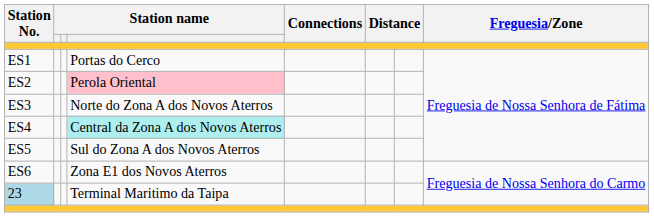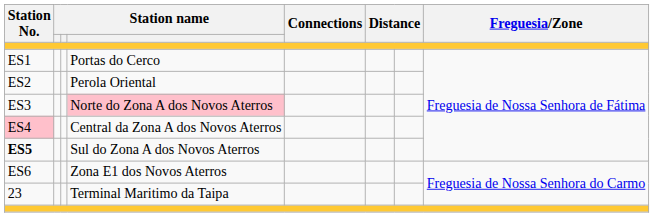 <table class="wikitable">
 <tr>
 <th rowspan="2">Station<br>No.</th>
 <th colspan="3">Station name</th>
 <th rowspan="2">Connections</th>
 <th colspan="2" rowspan="2">Distance<br></th>
 <th rowspan="2"><a href='#'>Freguesia</a>/Zone</th>
 </tr>
 <tr>
 <th></th>
 <th></th>
 <th></th>
 </tr>
 <tr style = "background:#ffc933; height: 2pt">
 <td colspan="8"></td>
 </tr>
 <tr>
 <td>ES1</td>
 <td></td>
 <td></td>
 <td>Portas do Cerco</td>
 <td></td>
 <td></td>
 <td></td>
 <td rowspan="5"><a href='#'>Freguesia de Nossa Senhora de Fátima</a></td>
 </tr>
 <tr>
 <td>ES2</td>
 <td></td>
 <td></td>
-<td style="background: pink;">Perola Oriental</td>
+<td>Perola Oriental</td>
 <td></td>
 <td></td>
 <td></td>
 </tr>
 <tr>
 <td>ES3</td>
 <td></td>
 <td></td>
-<td>Norte do Zona A dos Novos Aterros</td>
+<td style="background: pink;">Norte do Zona A dos Novos Aterros</td>
 <td></td>
 <td></td>
 <td></td>
 </tr>
 <tr>
-<td>ES4</td>
+<td style="background: pink;">ES4</td>
 <td></td>
 <td></td>
-<td style="background: paleturquoise;">Central da Zona A dos Novos Aterros</td>
+<td>Central da Zona A dos Novos Aterros</td>
 <td></td>
 <td></td>
 <td></td>
 </tr>
 <tr>
-<td>ES5</td>
+<td><strong>ES5</strong></td>
 <td></td>
 <td></td>
 <td>Sul do Zona A dos Novos Aterros</td>
 <td></td>
 <td></td>
 <td></td>
 </tr>
 <tr>
 <td>ES6</td>
 <td></td>
 <td></td>
 <td>Zona E1 dos Novos Aterros</td>
 <td></td>
 <td></td>
 <td></td>
 <td rowspan="2"><a href='#'>Freguesia de Nossa Senhora do Carmo</a></td>
 </tr>
 <tr>
-<td style="background: lightblue;">23</td>
+<td>23</td>
 <td></td>
 <td></td>
 <td>Terminal Maritimo da Taipa</td>
 <td></td>
 <td></td>
 <td></td>
 </tr>
 <tr style="background:#ffc933; height: 2pt">
 <td colspan="8"></td>
 </tr>
 </table>
